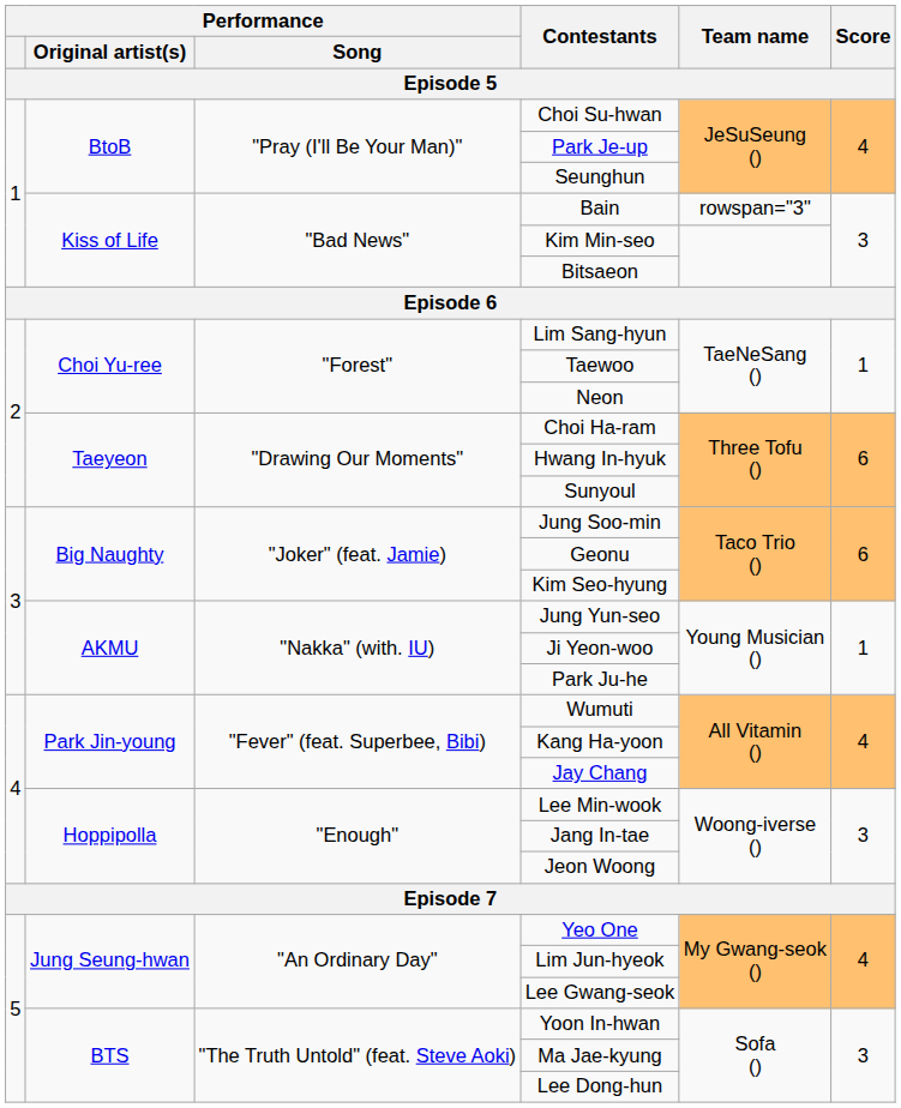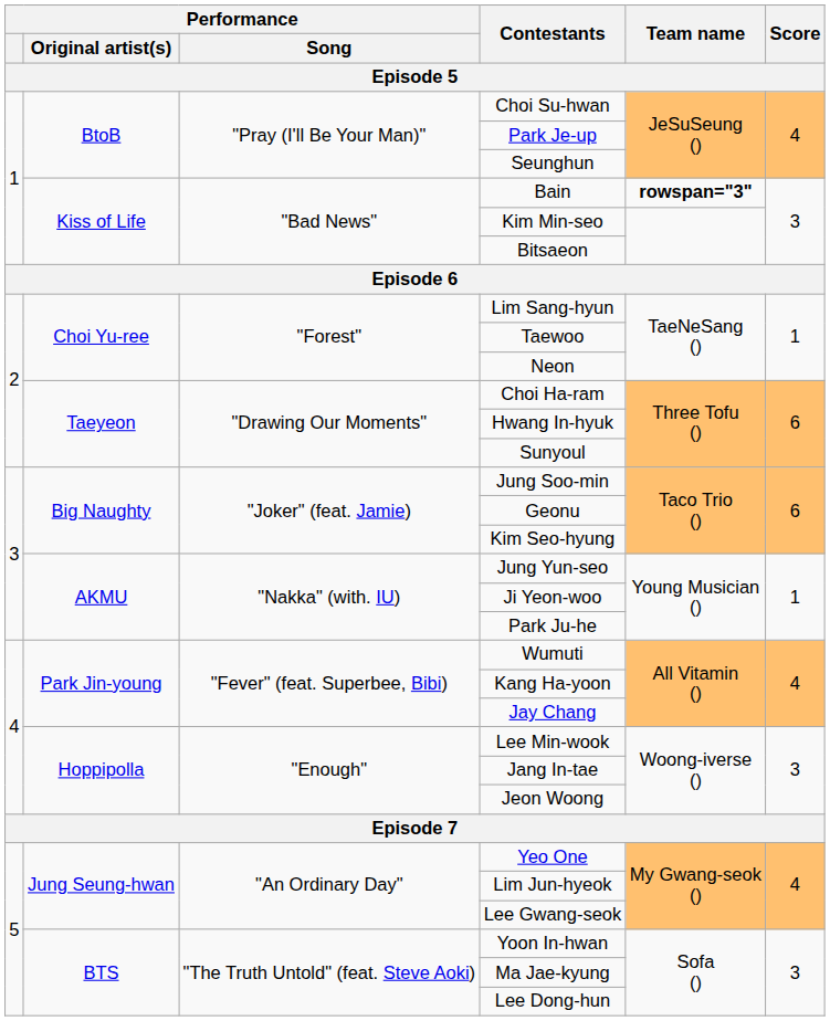 <table class="wikitable" style="text-align:center">
 <tr>
 <th colspan="3">Performance</th>
 <th rowspan="2">Contestants </th>
 <th rowspan="2">Team name</th>
 <th rowspan="2">Score</th>
 </tr>
 <tr>
 <th></th>
 <th>Original artist(s)</th>
 <th>Song</th>
 </tr>
 <tr>
 <th colspan="6">Episode 5</th>
 </tr>
 <tr>
 <td rowspan="6">1</td>
 <td rowspan="3"><a href='#'>BtoB</a></td>
 <td rowspan="3">"Pray (I'll Be Your Man)"<br></td>
 <td>Choi Su-hwan</td>
 <td rowspan="3" style="background:#FFC06F">JeSuSeung<br>()</td>
 <td rowspan="3" style="background:#FFC06F">4</td>
 </tr>
 <tr>
 <td><a href='#'>Park Je-up</a></td>
 </tr>
 <tr>
 <td>Seunghun</td>
 </tr>
 <tr>
 <td rowspan="3"><a href='#'>Kiss of Life</a></td>
 <td rowspan="3">"Bad News"</td>
 <td>Bain</td>
-<td>rowspan="3" </td>
+<td><strong>rowspan="3" </strong></td>
 <td rowspan="3">3</td>
 </tr>
 <tr>
 <td>Kim Min-seo</td>
 </tr>
 <tr>
 <td>Bitsaeon</td>
 </tr>
 <tr>
 <th colspan="6">Episode 6</th>
 </tr>
 <tr>
 <td rowspan="6">2</td>
 <td rowspan="3"><a href='#'>Choi Yu-ree</a></td>
 <td rowspan="3">"Forest"<br></td>
 <td>Lim Sang-hyun</td>
 <td rowspan="3">TaeNeSang<br>()</td>
 <td rowspan="3">1</td>
 </tr>
 <tr>
 <td>Taewoo</td>
 </tr>
 <tr>
 <td>Neon</td>
 </tr>
 <tr>
 <td rowspan="3"><a href='#'>Taeyeon</a></td>
 <td rowspan="3">"Drawing Our Moments"<br></td>
 <td>Choi Ha-ram</td>
 <td rowspan="3" style="background:#FFC06F">Three Tofu<br>()</td>
 <td rowspan="3" style="background:#FFC06F">6</td>
 </tr>
 <tr>
 <td>Hwang In-hyuk</td>
 </tr>
 <tr>
 <td>Sunyoul</td>
 </tr>
 <tr>
 <td rowspan="6">3</td>
 <td rowspan="3"><a href='#'>Big Naughty</a></td>
 <td rowspan="3">"Joker" (feat. <a href='#'>Jamie</a>)</td>
 <td>Jung Soo-min</td>
 <td rowspan="3" style="background:#FFC06F">Taco Trio<br>()</td>
 <td rowspan="3" style="background:#FFC06F">6</td>
 </tr>
 <tr>
 <td>Geonu</td>
 </tr>
 <tr>
 <td>Kim Seo-hyung</td>
 </tr>
 <tr>
 <td rowspan="3"><a href='#'>AKMU</a></td>
 <td rowspan="3">"Nakka" (with. <a href='#'>IU</a>)<br></td>
 <td>Jung Yun-seo</td>
 <td rowspan="3">Young Musician<br>()</td>
 <td rowspan="3">1</td>
 </tr>
 <tr>
 <td>Ji Yeon-woo</td>
 </tr>
 <tr>
 <td>Park Ju-he</td>
 </tr>
 <tr>
 <td rowspan="6">4</td>
 <td rowspan="3"><a href='#'>Park Jin-young</a></td>
 <td rowspan="3">"Fever" (feat. Superbee, <a href='#'>Bibi</a>)</td>
 <td>Wumuti</td>
 <td rowspan="3" style="background:#FFC06F">All Vitamin<br>()</td>
 <td rowspan="3" style="background:#FFC06F">4</td>
 </tr>
 <tr>
 <td>Kang Ha-yoon</td>
 </tr>
 <tr>
 <td><a href='#'>Jay Chang</a></td>
 </tr>
 <tr>
 <td rowspan="3"><a href='#'>Hoppipolla</a></td>
 <td rowspan="3">"Enough"<br></td>
 <td>Lee Min-wook</td>
 <td rowspan="3">Woong-iverse<br>()</td>
 <td rowspan="3">3</td>
 </tr>
 <tr>
 <td>Jang In-tae</td>
 </tr>
 <tr>
 <td>Jeon Woong</td>
 </tr>
 <tr>
 <th colspan="6">Episode 7</th>
 </tr>
 <tr>
 <td rowspan="6">5</td>
 <td rowspan="3"><a href='#'>Jung Seung-hwan</a></td>
 <td rowspan="3">"An Ordinary Day"<br></td>
 <td><a href='#'>Yeo One</a></td>
 <td rowspan="3" style="background:#FFC06F">My Gwang-seok<br>()</td>
 <td rowspan="3" style="background:#FFC06F">4</td>
 </tr>
 <tr>
 <td>Lim Jun-hyeok</td>
 </tr>
 <tr>
 <td>Lee Gwang-seok</td>
 </tr>
 <tr>
 <td rowspan="3"><a href='#'>BTS</a></td>
 <td rowspan="3">"The Truth Untold" (feat. <a href='#'>Steve Aoki</a>)<br></td>
 <td>Yoon In-hwan</td>
 <td rowspan="3">Sofa<br>()</td>
 <td rowspan="3">3</td>
 </tr>
 <tr>
 <td>Ma Jae-kyung</td>
 </tr>
 <tr>
 <td>Lee Dong-hun</td>
 </tr>
 </table>
